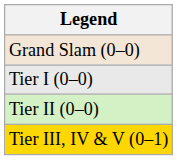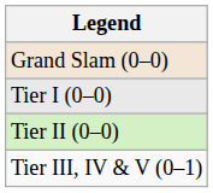 <table class="wikitable" style="font-size:90%;">
 <tr>
 <th>Legend</th>
 </tr>
 <tr>
 <td bgcolor=#f3e6d7>Grand Slam (0–0)</td>
 </tr>
 <tr>
 <td bgcolor=#e9e9e9>Tier I (0–0)</td>
 </tr>
 <tr>
 <td bgcolor=#d4f1c5>Tier II (0–0)</td>
 </tr>
 <tr>
-<td style="background: gold;">Tier III, IV & V (0–1)</td>
+<td>Tier III, IV & V (0–1)</td>
 </tr>
 </table>
